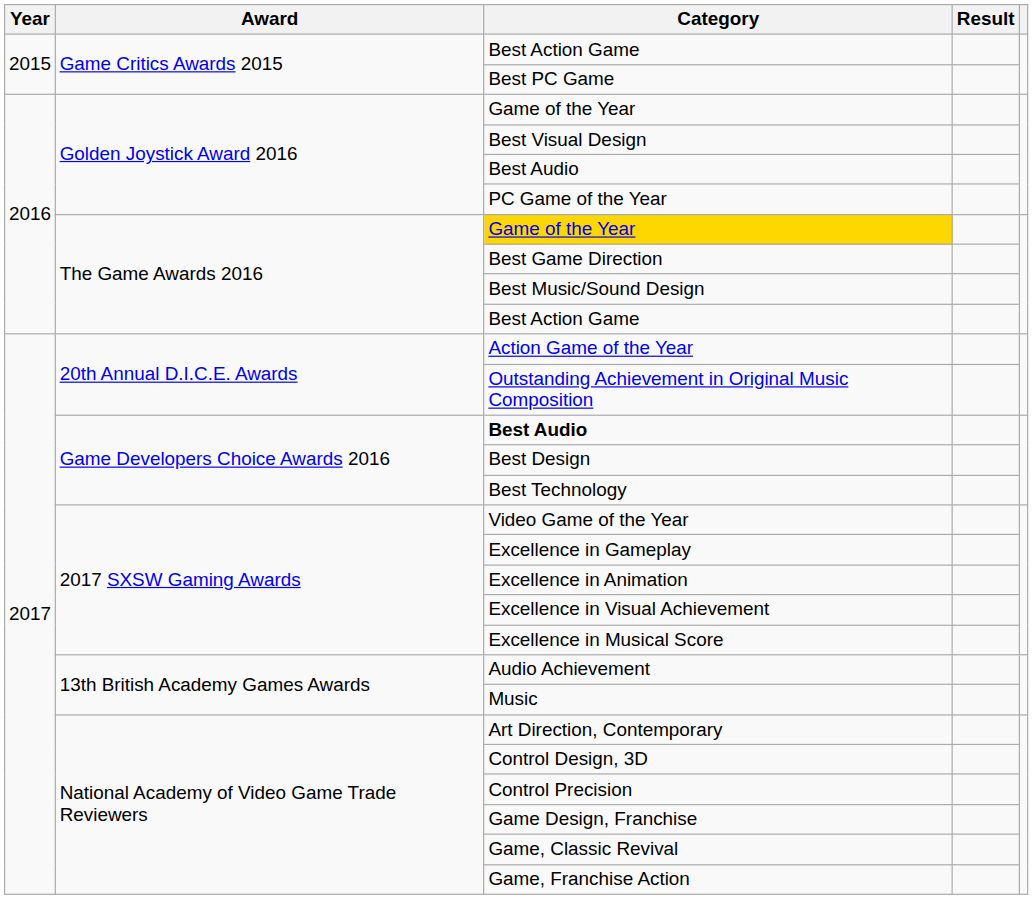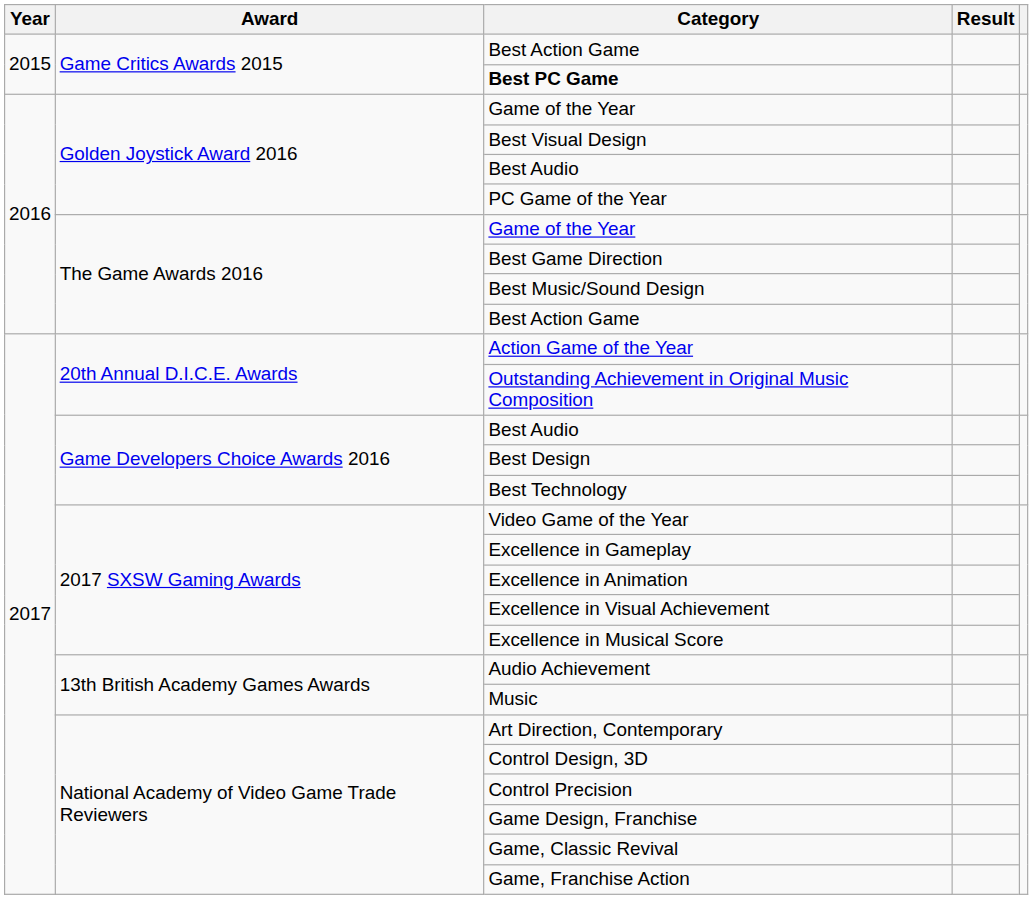 <table class="wikitable sortable">
 <tr>
 <th>Year</th>
 <th>Award</th>
 <th>Category</th>
 <th>Result</th>
 <th class="unsortable"></th>
 </tr>
 <tr>
 <td rowspan="2" style="text-align:center;">2015</td>
 <td rowspan="2"><a href='#'>Game Critics Awards</a> 2015</td>
 <td>Best Action Game</td>
 <td></td>
 <td rowspan="2" style="text-align:center;"></td>
 </tr>
 <tr>
-<td>Best PC Game</td>
+<td><strong>Best PC Game</strong></td>
 <td></td>
 </tr>
 <tr>
 <td rowspan="8" style="text-align:center;">2016</td>
 <td rowspan="4"><a href='#'>Golden Joystick Award</a> 2016</td>
 <td>Game of the Year</td>
 <td></td>
 <td rowspan="4" style="text-align:center;"></td>
 </tr>
 <tr>
 <td>Best Visual Design</td>
 <td></td>
 </tr>
 <tr>
 <td>Best Audio</td>
 <td></td>
 </tr>
 <tr>
 <td>PC Game of the Year</td>
 <td></td>
 </tr>
 <tr>
 <td rowspan="4">The Game Awards 2016</td>
-<td style="background: gold;"><a href='#'>Game of the Year</a></td>
+<td><a href='#'>Game of the Year</a></td>
 <td></td>
 <td rowspan="4" style="text-align:center;"><br></td>
 </tr>
 <tr>
 <td>Best Game Direction</td>
 <td></td>
 </tr>
 <tr>
 <td>Best Music/Sound Design</td>
 <td></td>
 </tr>
 <tr>
 <td>Best Action Game</td>
 <td></td>
 </tr>
 <tr>
 <td rowspan="18" style="text-align:center;">2017</td>
 <td rowspan="2"><a href='#'>20th Annual D.I.C.E. Awards</a></td>
 <td><a href='#'>Action Game of the Year</a></td>
 <td></td>
 <td rowspan="2" style="text-align:center;"></td>
 </tr>
 <tr>
 <td><a href='#'>Outstanding Achievement in Original Music Composition</a></td>
 <td></td>
 </tr>
 <tr>
 <td rowspan="3"><a href='#'>Game Developers Choice Awards</a> 2016</td>
-<td><strong>Best Audio</strong></td>
+<td>Best Audio</td>
 <td></td>
 <td rowspan="3" style="text-align:center;"></td>
 </tr>
 <tr>
 <td>Best Design</td>
 <td></td>
 </tr>
 <tr>
 <td>Best Technology</td>
 <td></td>
 </tr>
 <tr>
 <td rowspan="5">2017 <a href='#'>SXSW Gaming Awards</a></td>
 <td>Video Game of the Year</td>
 <td></td>
 <td rowspan="5" style="text-align:center;"></td>
 </tr>
 <tr>
 <td>Excellence in Gameplay</td>
 <td></td>
 </tr>
 <tr>
 <td>Excellence in Animation</td>
 <td></td>
 </tr>
 <tr>
 <td>Excellence in Visual Achievement</td>
 <td></td>
 </tr>
 <tr>
 <td>Excellence in Musical Score</td>
 <td></td>
 </tr>
 <tr>
 <td rowspan="2">13th British Academy Games Awards</td>
 <td>Audio Achievement</td>
 <td></td>
 <td rowspan="2" style="text-align:center;"></td>
 </tr>
 <tr>
 <td>Music</td>
 <td></td>
 </tr>
 <tr>
 <td rowspan="6">National Academy of Video Game Trade Reviewers</td>
 <td>Art Direction, Contemporary</td>
 <td></td>
 <td rowspan="6" style="text-align:center;"></td>
 </tr>
 <tr>
 <td>Control Design, 3D</td>
 <td></td>
 </tr>
 <tr>
 <td>Control Precision</td>
 <td></td>
 </tr>
 <tr>
 <td>Game Design, Franchise</td>
 <td></td>
 </tr>
 <tr>
 <td>Game, Classic Revival</td>
 <td></td>
 </tr>
 <tr>
 <td>Game, Franchise Action</td>
 <td></td>
 </tr>
 </table>
